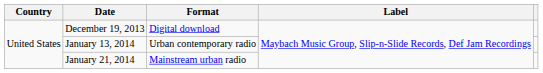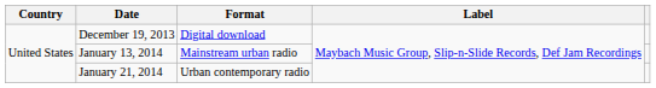 <table class="wikitable">
 <tr>
 <th>Country</th>
 <th>Date</th>
 <th>Format</th>
 <th>Label</th>
 <th></th>
 </tr>
 <tr>
 <td rowspan="3">United States</td>
 <td>December 19, 2013</td>
 <td><a href='#'>Digital download</a></td>
 <td rowspan="3"><a href='#'>Maybach Music Group</a>, <a href='#'>Slip-n-Slide Records</a>, <a href='#'>Def Jam Recordings</a></td>
 <td></td>
 </tr>
 <tr>
 <td>January 13, 2014</td>
-<td>Urban contemporary radio</td>
+<td><a href='#'>Mainstream urban</a> radio</td>
 <td></td>
 </tr>
 <tr>
 <td>January 21, 2014</td>
-<td><a href='#'>Mainstream urban</a> radio</td>
+<td>Urban contemporary radio</td>
 <td></td>
 </tr>
 </table>
